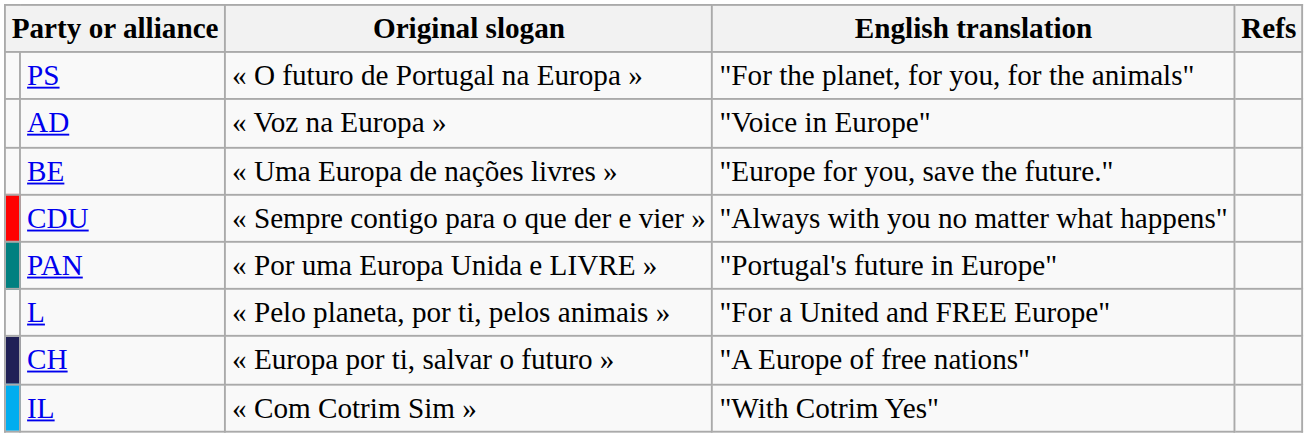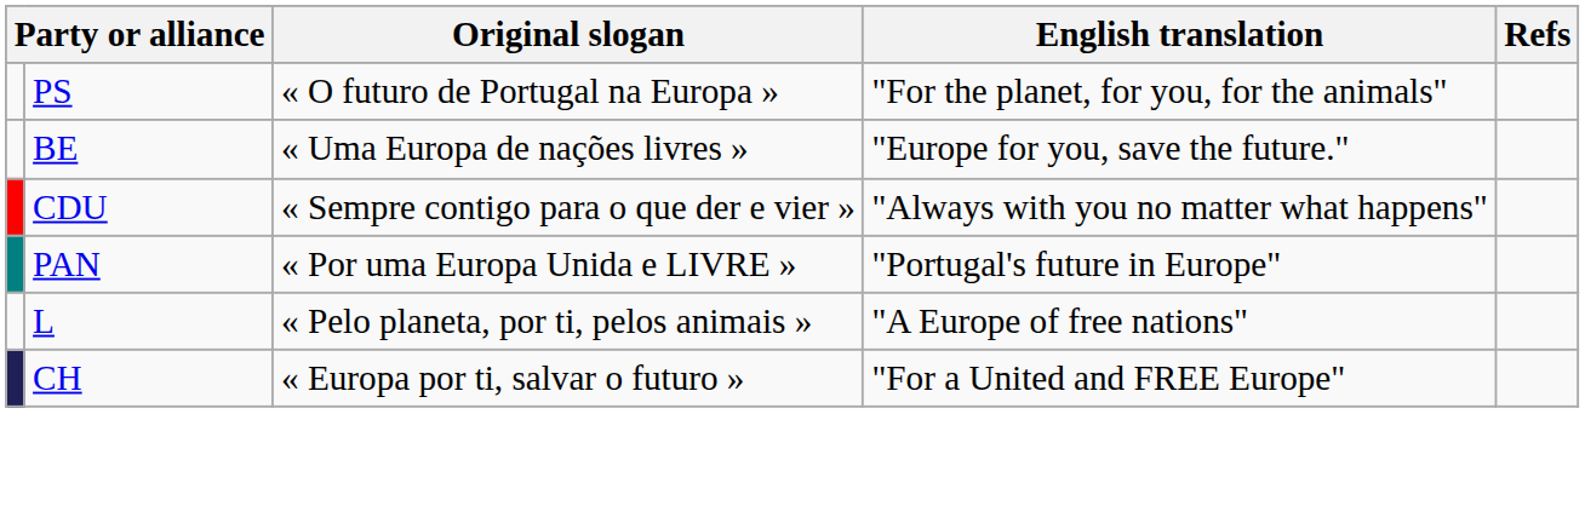 <table class="wikitable" style="font-size:97%; text-align:left;">
 <tr>
 <th style="text-align:left;" colspan="2">Party or alliance</th>
 <th>Original slogan</th>
 <th>English translation</th>
 <th>Refs</th>
 </tr>
 <tr>
 <td width="1" style="color:inherit;background:"></td>
 <td><a href='#'>PS</a></td>
 <td>« O futuro de Portugal na Europa »</td>
 <td>"For the planet, for you, for the animals"</td>
-<td></td>
-</tr>
-<tr>
-<td style="color:inherit;background:"></td>
-<td><a href='#'>AD</a></td>
-<td>« Voz na Europa »</td>
-<td>"Voice in Europe"</td>
 <td></td>
 </tr>
 <tr>
 <td style="color:inherit;background:"></td>
 <td><a href='#'>BE</a></td>
 <td>« Uma Europa de nações livres »</td>
 <td>"Europe for you, save the future."</td>
 <td></td>
 </tr>
 <tr>
 <td style="color:inherit;background:#FF0000"></td>
 <td><a href='#'>CDU</a></td>
 <td>« Sempre contigo para o que der e vier »</td>
 <td>"Always with you no matter what happens"</td>
 <td></td>
 </tr>
 <tr>
 <td style="background:teal;"></td>
 <td><a href='#'>PAN</a></td>
 <td>« Por uma Europa Unida e LIVRE »</td>
 <td>"Portugal's future in Europe"</td>
 <td></td>
 </tr>
 <tr>
 <td style="color:inherit;background:"></td>
 <td><a href='#'>L</a></td>
 <td>« Pelo planeta, por ti, pelos animais »</td>
-<td>"For a United and FREE Europe"</td>
+<td>"A Europe of free nations"</td>
 <td></td>
 </tr>
 <tr>
 <td style="color:inherit;background:#202056;"></td>
 <td><a href='#'>CH</a></td>
 <td>« Europa por ti, salvar o futuro »</td>
-<td>"A Europe of free nations"</td>
-<td></td>
-</tr>
-<tr>
-<td style="color:inherit;background:#00ADEF;"></td>
-<td><a href='#'>IL</a></td>
-<td>« Com Cotrim Sim »</td>
-<td>"With Cotrim Yes"</td>
+<td>"For a United and FREE Europe"</td>
 <td></td>
 </tr>
 </table>
